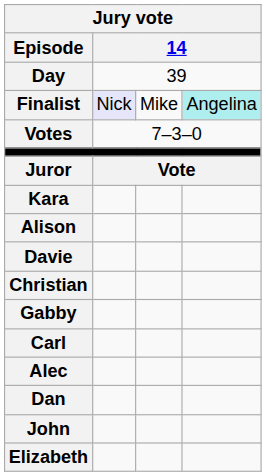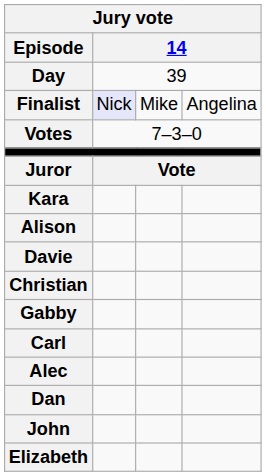 <table class="wikitable nowrap" style="text-align:center; font-size:100%">
 <tr>
 <th colspan="4">Jury vote</th>
 </tr>
 <tr>
 <th>Episode</th>
 <th colspan="3"><a href='#'>14</a></th>
 </tr>
 <tr>
 <th>Day</th>
 <td colspan="3">39</td>
 </tr>
 <tr>
 <th>Finalist</th>
 <td style="background: lavender;">Nick</td>
 <td>Mike</td>
-<td style="background: paleturquoise;">Angelina</td>
+<td>Angelina</td>
 </tr>
 <tr>
 <th>Votes</th>
 <td colspan="3">7–3–0</td>
 </tr>
 <tr>
 <th colspan="5" style="background:black;"></th>
 </tr>
 <tr>
 <th>Juror</th>
 <th colspan="4">Vote</th>
 </tr>
 <tr>
 <th>Kara</th>
 <td></td>
 <td></td>
 <td></td>
 </tr>
 <tr>
 <th>Alison</th>
 <td></td>
 <td></td>
 <td></td>
 </tr>
 <tr>
 <th>Davie</th>
 <td></td>
 <td></td>
 <td></td>
 </tr>
 <tr>
 <th>Christian</th>
 <td></td>
 <td></td>
 <td></td>
 </tr>
 <tr>
 <th>Gabby</th>
 <td></td>
 <td></td>
 <td></td>
 </tr>
 <tr>
 <th>Carl</th>
 <td></td>
 <td></td>
 <td></td>
 </tr>
 <tr>
 <th>Alec</th>
 <td></td>
 <td></td>
 <td></td>
 </tr>
 <tr>
 <th>Dan</th>
 <td></td>
 <td></td>
 <td></td>
 </tr>
 <tr>
 <th>John</th>
 <td></td>
 <td></td>
 <td></td>
 </tr>
 <tr>
 <th>Elizabeth</th>
 <td></td>
 <td></td>
 <td></td>
 </tr>
 </table>
